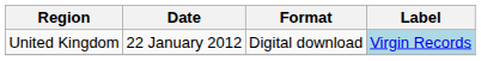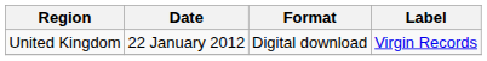 <table class=wikitable>
 <tr>
 <th>Region</th>
 <th>Date</th>
 <th>Format</th>
 <th>Label</th>
 </tr>
 <tr>
 <td>United Kingdom</td>
 <td>22 January 2012</td>
 <td>Digital download</td>
-<td style="background: lightblue;"><a href='#'>Virgin Records</a></td>
+<td><a href='#'>Virgin Records</a></td>
 </tr>
 <tr>
 </tr>
 </table>
